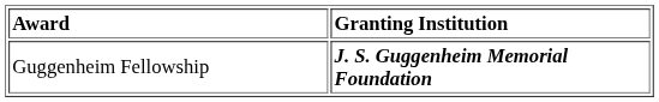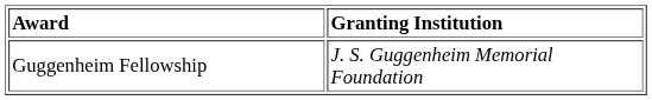 <table border="1" cellpadding="2">
 <tr>
 <td width="250pt"><strong>Award</strong></td>
 <td width="250pt"><strong>Granting Institution</strong></td>
 </tr>
 <tr>
 <td>Guggenheim Fellowship</td>
-<td><strong><em>J. S. Guggenheim Memorial Foundation</em></strong></td>
+<td><em>J. S. Guggenheim Memorial Foundation</em></td>
 </tr>
 </table>
